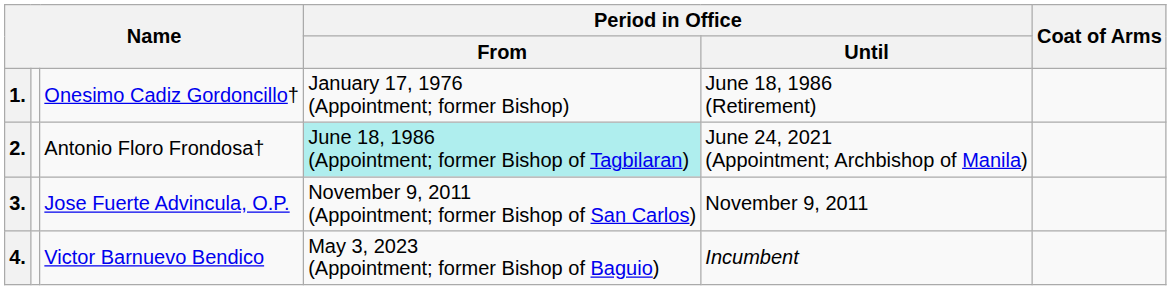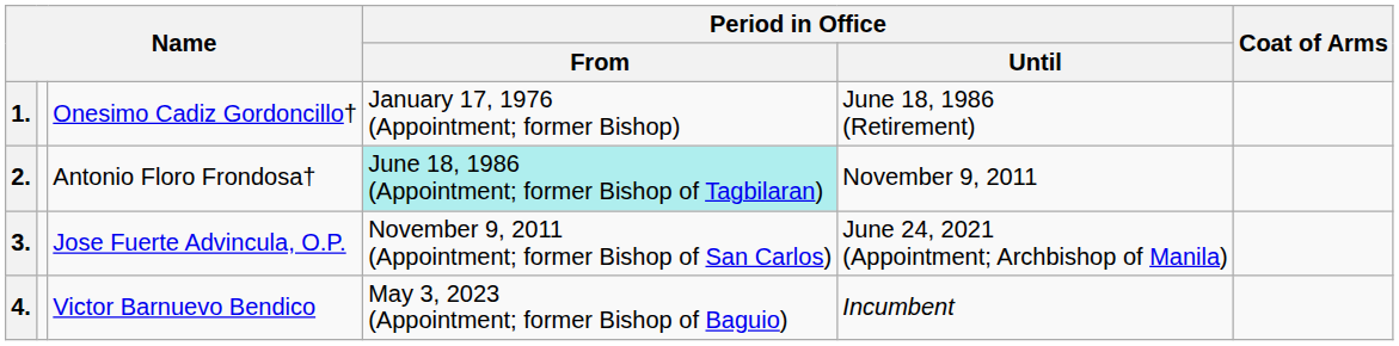 <table class="wikitable">
 <tr>
 <th colspan="3" rowspan="2">Name</th>
 <th colspan="2">Period in Office</th>
 <th rowspan="2">Coat of Arms</th>
 </tr>
 <tr>
 <th>From</th>
 <th>Until</th>
 </tr>
 <tr>
 <th>1.</th>
 <td></td>
 <td><a href='#'>Onesimo Cadiz Gordoncillo</a>†</td>
 <td>January 17, 1976<br>(Appointment; former Bishop)</td>
 <td>June 18, 1986<br>(Retirement)</td>
 <td></td>
 </tr>
 <tr>
 <th>2.</th>
 <td></td>
 <td>Antonio Floro Frondosa†</td>
 <td style="background: paleturquoise;">June 18, 1986<br>(Appointment; former Bishop of <a href='#'>Tagbilaran</a>)</td>
-<td>June 24, 2021<br>(Appointment; Archbishop of <a href='#'>Manila</a>)</td>
+<td>November 9, 2011</td>
 <td></td>
 </tr>
 <tr>
 <th>3.</th>
 <td></td>
 <td><a href='#'>Jose Fuerte Advincula, O.P.</a></td>
 <td>November 9, 2011<br>(Appointment; former Bishop of <a href='#'>San Carlos</a>)</td>
-<td>November 9, 2011</td>
+<td>June 24, 2021<br>(Appointment; Archbishop of <a href='#'>Manila</a>)</td>
 <td></td>
 </tr>
 <tr>
 <th>4.</th>
 <td></td>
 <td><a href='#'>Victor Barnuevo Bendico</a></td>
 <td>May 3, 2023<br>(Appointment; former Bishop of <a href='#'>Baguio</a>)</td>
 <td><em>Incumbent</em></td>
 <td></td>
 </tr>
 </table>
